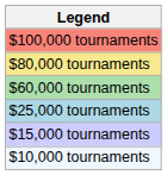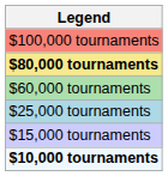 <table class="wikitable" style="font-size:85%">
 <tr>
 <th>Legend</th>
 </tr>
 <tr bgcolor="#F88379">
 <td>$100,000 tournaments</td>
 </tr>
 <tr bgcolor="#F7E98E">
-<td>$80,000 tournaments</td>
+<td><strong>$80,000 tournaments</strong></td>
 </tr>
 <tr bgcolor="#ADDFAD">
 <td>$60,000 tournaments</td>
 </tr>
 <tr bgcolor="lightblue">
 <td>$25,000 tournaments</td>
 </tr>
 <tr bgcolor="#ccf">
 <td>$15,000 tournaments</td>
 </tr>
 <tr bgcolor="#f0f8ff">
-<td>$10,000 tournaments</td>
+<td><strong>$10,000 tournaments</strong></td>
 </tr>
 </table>
